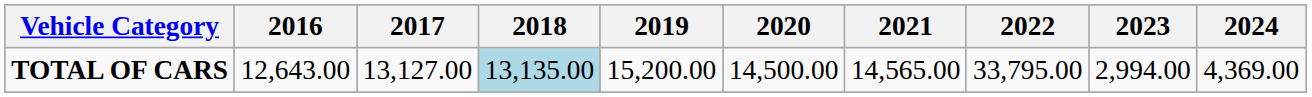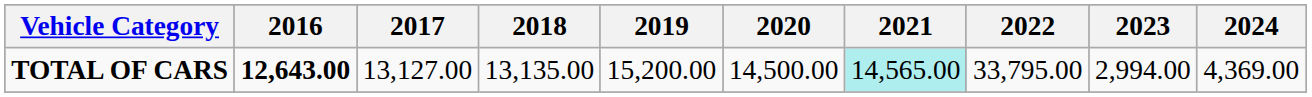 <table class="wikitable">
 <tr>
 <th><a href='#'>Vehicle Category</a></th>
 <th>2016</th>
 <th>2017</th>
 <th>2018</th>
 <th>2019</th>
 <th>2020</th>
 <th>2021</th>
 <th>2022</th>
 <th>2023</th>
 <th>2024</th>
 </tr>
 <tr>
 <td><strong>TOTAL OF CARS</strong></td>
-<td>12,643.00</td>
+<td><strong>12,643.00</strong></td>
 <td>13,127.00</td>
-<td style="background: lightblue;">13,135.00</td>
+<td>13,135.00</td>
 <td>15,200.00</td>
 <td>14,500.00</td>
-<td>14,565.00</td>
+<td style="background: paleturquoise;">14,565.00</td>
 <td>33,795.00</td>
 <td>2,994.00</td>
 <td>4,369.00</td>
 </tr>
 </table>
